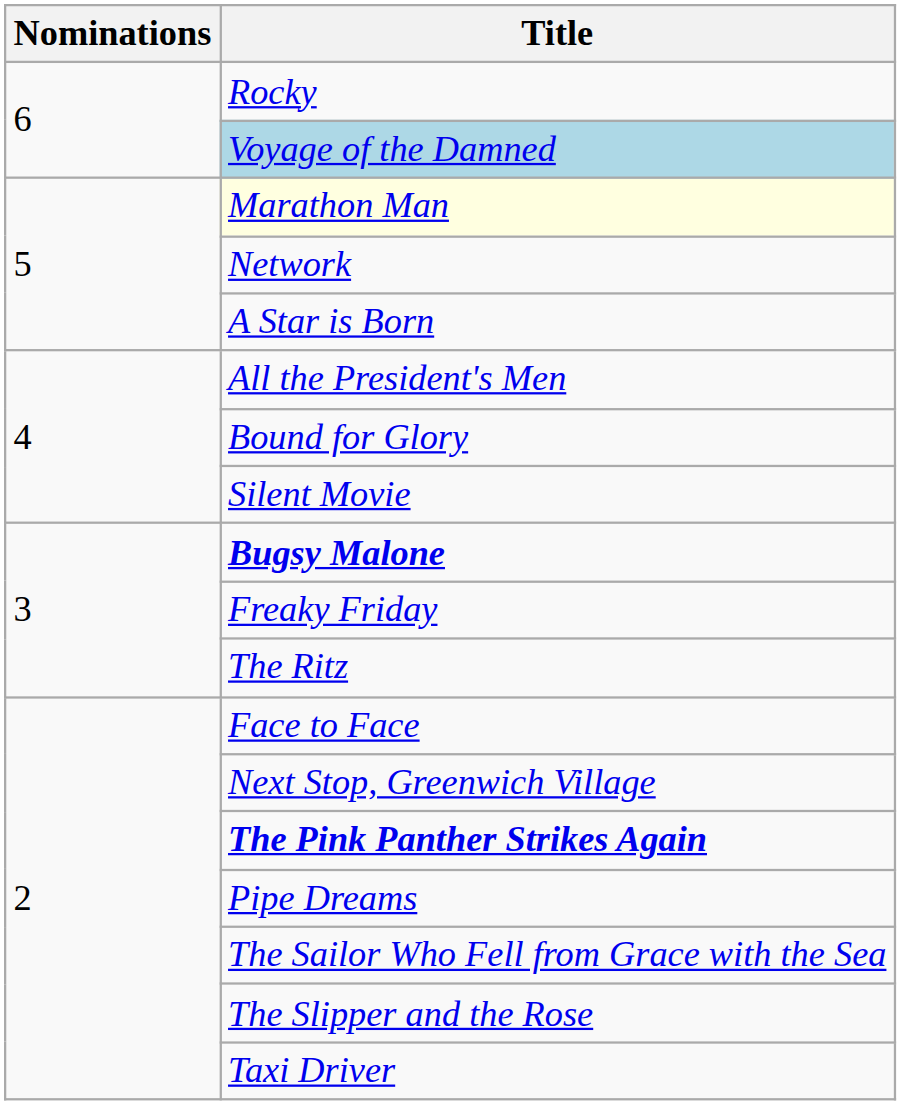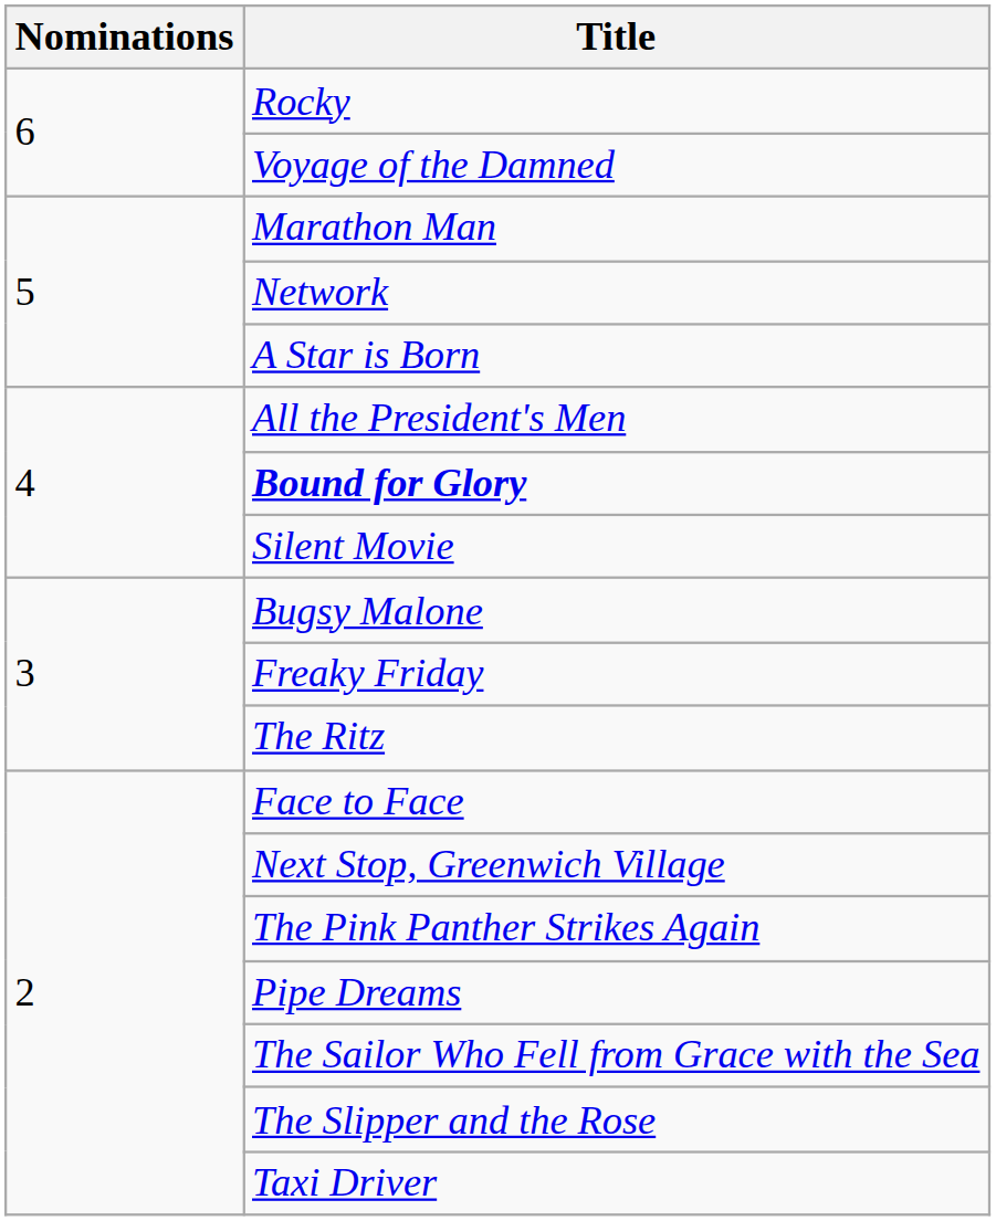 <table class="wikitable">
 <tr>
 <th>Nominations</th>
 <th>Title</th>
 </tr>
 <tr>
 <td rowspan="2">6</td>
 <td><em><a href='#'>Rocky</a></em></td>
 </tr>
 <tr>
-<td style="background: lightblue;"><em><a href='#'>Voyage of the Damned</a></em></td>
+<td><em><a href='#'>Voyage of the Damned</a></em></td>
 </tr>
 <tr>
 <td rowspan="3">5</td>
-<td style="background: lightyellow;"><em><a href='#'>Marathon Man</a></em></td>
+<td><em><a href='#'>Marathon Man</a></em></td>
 </tr>
 <tr>
 <td><em><a href='#'>Network</a></em></td>
 </tr>
 <tr>
 <td><em><a href='#'>A Star is Born</a></em></td>
 </tr>
 <tr>
 <td rowspan="3">4</td>
 <td><em><a href='#'>All the President's Men</a></em></td>
 </tr>
 <tr>
-<td><em><a href='#'>Bound for Glory</a></em></td>
+<td><strong><em><a href='#'>Bound for Glory</a></em></strong></td>
 </tr>
 <tr>
 <td><em><a href='#'>Silent Movie</a></em></td>
 </tr>
 <tr>
 <td rowspan="3">3</td>
-<td><strong><em><a href='#'>Bugsy Malone</a></em></strong></td>
+<td><em><a href='#'>Bugsy Malone</a></em></td>
 </tr>
 <tr>
 <td><em><a href='#'>Freaky Friday</a></em></td>
 </tr>
 <tr>
 <td><em><a href='#'>The Ritz</a></em></td>
 </tr>
 <tr>
 <td rowspan="7">2</td>
 <td><em><a href='#'>Face to Face</a></em></td>
 </tr>
 <tr>
 <td><em><a href='#'>Next Stop, Greenwich Village</a></em></td>
 </tr>
 <tr>
-<td><strong><em><a href='#'>The Pink Panther Strikes Again</a></em></strong></td>
+<td><em><a href='#'>The Pink Panther Strikes Again</a></em></td>
 </tr>
 <tr>
 <td><em><a href='#'>Pipe Dreams</a></em></td>
 </tr>
 <tr>
 <td><em><a href='#'>The Sailor Who Fell from Grace with the Sea</a></em></td>
 </tr>
 <tr>
 <td><em><a href='#'>The Slipper and the Rose</a></em></td>
 </tr>
 <tr>
 <td><em><a href='#'>Taxi Driver</a></em></td>
 </tr>
 </table>
